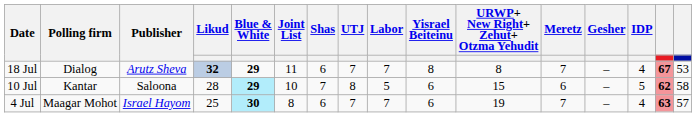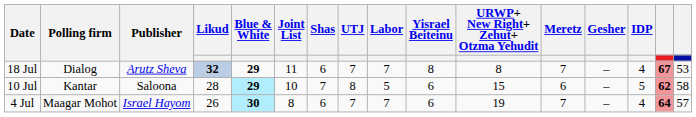 <table class="wikitable sortable" style="text-align:center;font-size:90%;line-height:13px">
 <tr>
 <th rowspan="2">Date</th>
 <th rowspan="2">Polling firm</th>
 <th rowspan="2">Publisher</th>
 <th><a href='#'>Likud</a></th>
 <th><a href='#'>Blue &<br>White</a></th>
 <th><a href='#'>Joint<br>List</a></th>
 <th><a href='#'>Shas</a></th>
 <th><a href='#'>UTJ</a></th>
 <th><a href='#'>Labor</a></th>
 <th><a href='#'>Yisrael<br>Beiteinu</a></th>
 <th><a href='#'>URWP</a>+<br><a href='#'>New Right</a>+<br><a href='#'>Zehut</a>+<br><a href='#'>Otzma Yehudit</a></th>
 <th><a href='#'>Meretz</a></th>
 <th><a href='#'>Gesher</a></th>
 <th><a href='#'>IDP</a></th>
 <th></th>
 <th></th>
 </tr>
 <tr>
 <th style="background:"></th>
 <th style="background:"></th>
 <th style="background:"></th>
 <th style="background:"></th>
 <th style="background:"></th>
 <th style="background:"></th>
 <th style="background:"></th>
 <th style="background:"></th>
 <th style="background:"></th>
 <th style="background:"></th>
 <th style="background:"></th>
 <th style="background:#E81B23;"></th>
 <th style="background:#000EA3;"></th>
 </tr>
 <tr>
 <td data-sort-value="2019-07-18">18 Jul</td>
 <td>Dialog</td>
 <td><em><a href='#'>Arutz Sheva</a></em></td>
 <td style="background:#BBCDE4"><strong>32</strong>	</td>
 <td><strong>29					</strong></td>
 <td>11					</td>
 <td>6					</td>
 <td>7					</td>
 <td>7					</td>
 <td>8					</td>
 <td>8					</td>
 <td>7					</td>
 <td>–					</td>
 <td>4					</td>
 <td style="background:#F4959A"><strong>67</strong>	</td>
 <td>53					</td>
 </tr>
 <tr>
 <td data-sort-value="2019-07-10">10 Jul</td>
 <td>Kantar</td>
 <td>Saloona</td>
 <td>28					</td>
 <td style="background:#B2EDFB"><strong>29</strong>	</td>
 <td>10					</td>
 <td>7					</td>
 <td>8					</td>
 <td>5					</td>
 <td>6					</td>
 <td>15					</td>
 <td>6					</td>
 <td>–					</td>
 <td>5					</td>
 <td style="background:#F4959A"><strong>62</strong>	</td>
 <td>58					</td>
 </tr>
 <tr>
 <td data-sort-value="2019-07-04">4 Jul</td>
 <td>Maagar Mohot</td>
 <td><em><a href='#'>Israel Hayom</a></em></td>
-<td>25					</td>
+<td>26					</td>
 <td style="background:#B2EDFB"><strong>30</strong>	</td>
 <td>8					</td>
 <td>6					</td>
 <td>7					</td>
 <td>7					</td>
 <td>6					</td>
 <td>19					</td>
 <td>7					</td>
 <td>–					</td>
 <td>4					</td>
-<td style="background:#F4959A"><strong>63</strong>	</td>
+<td style="background:#F4959A"><strong>64</strong>	</td>
 <td>57					</td>
 </tr>
 </table>
